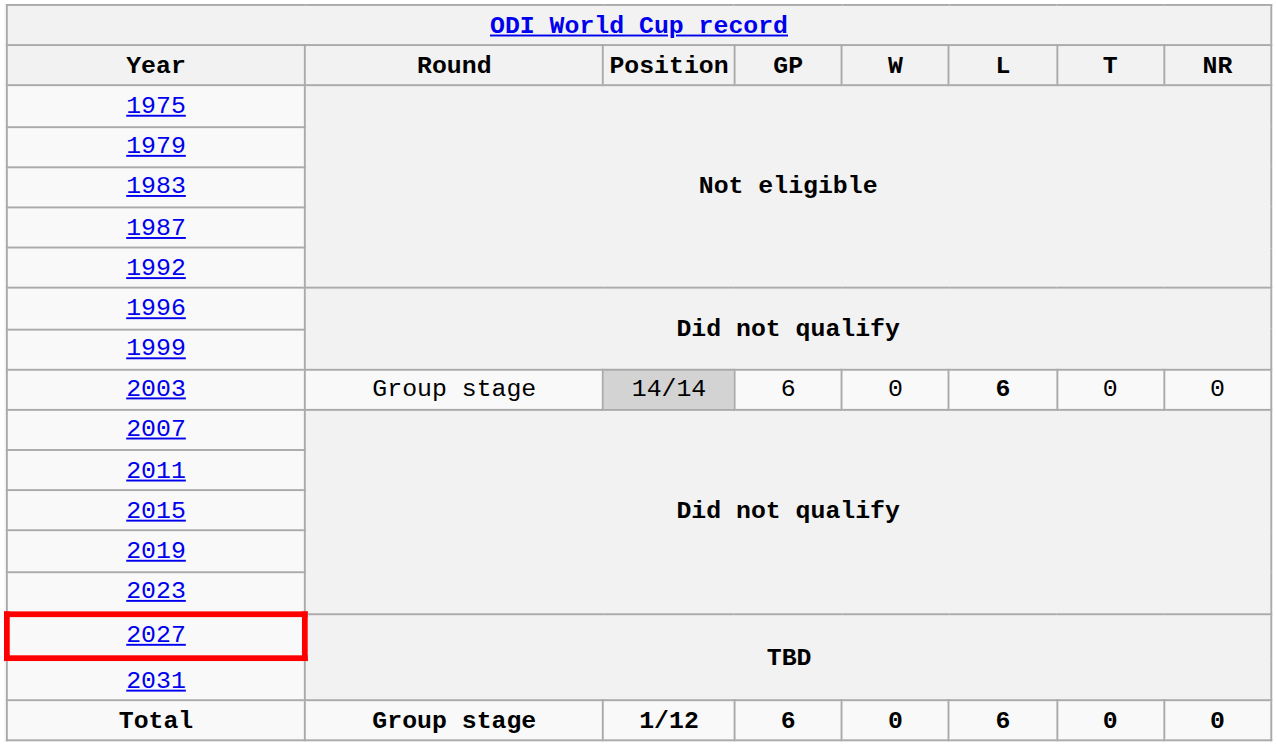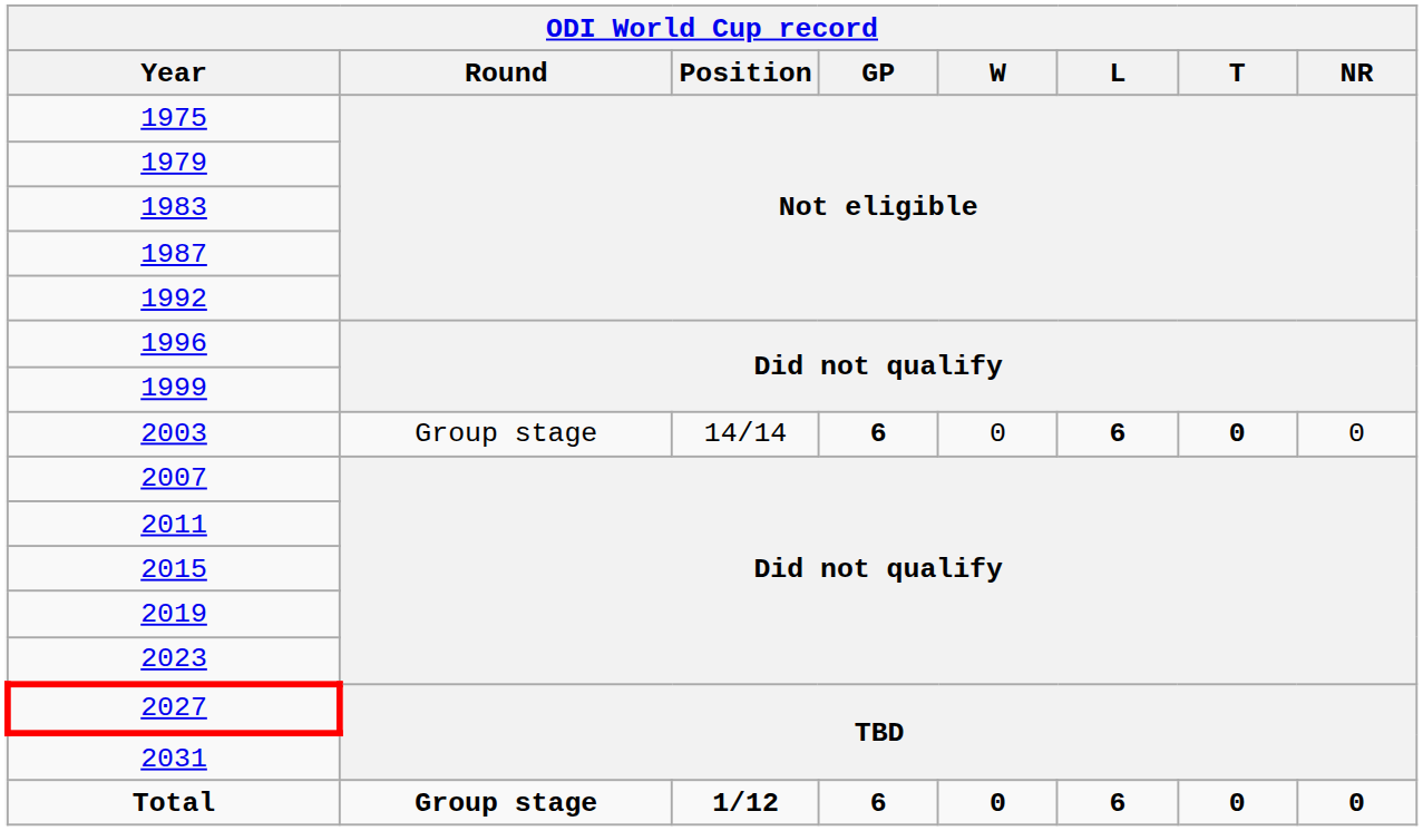 <table class="wikitable" style="text-align: center;">
 <tr>
 <th colspan=8><a href='#'>ODI World Cup record</a></th>
 </tr>
 <tr>
 <th width=150>Year</th>
 <th width=150>Round</th>
 <th width=50>Position</th>
 <th width=50>GP</th>
 <th width=50>W</th>
 <th width=50>L</th>
 <th width=50>T</th>
 <th width=50>NR</th>
 </tr>
 <tr>
 <td> <a href='#'>1975</a></td>
 <th colspan="7" rowspan="5">Not eligible</th>
 </tr>
 <tr>
 <td> <a href='#'>1979</a></td>
 </tr>
 <tr>
 <td> <a href='#'>1983</a></td>
 </tr>
 <tr>
 <td>  <a href='#'>1987</a></td>
 </tr>
 <tr>
 <td>  <a href='#'>1992</a></td>
 </tr>
 <tr>
 <td>   <a href='#'>1996</a></td>
 <th colspan="7" rowspan="2">Did not qualify</th>
 </tr>
 <tr>
 <td> <a href='#'>1999</a></td>
 </tr>
 <tr>
 <td> <a href='#'>2003</a></td>
 <td>Group stage</td>
-<td style="background: lightgrey;">14/14</td>
-<td>6</td>
+<td>14/14</td>
+<td><strong>6</strong></td>
 <td>0</td>
 <td><strong>6</strong></td>
-<td>0</td>
+<td><strong>0</strong></td>
 <td>0</td>
 </tr>
 <tr>
 <td> <a href='#'>2007</a></td>
 <th colspan="7" rowspan="5">Did not qualify</th>
 </tr>
 <tr>
 <td>   <a href='#'>2011</a></td>
 </tr>
 <tr>
 <td>  <a href='#'>2015</a></td>
 </tr>
 <tr>
 <td>  <a href='#'>2019</a></td>
 </tr>
 <tr>
 <td> <a href='#'>2023</a></td>
 </tr>
 <tr>
 <td style="border: 3px solid red">    <a href='#'>2027</a></td>
 <th colspan="7" rowspan="2">TBD</th>
 </tr>
 <tr>
 <td>     <a href='#'>2031</a></td>
 </tr>
 <tr>
 <td><strong>Total</strong></td>
 <td><strong>Group stage</strong></td>
 <td><strong>1/12</strong></td>
 <td><strong>6</strong></td>
 <td><strong>0</strong></td>
 <td><strong>6</strong></td>
 <td><strong>0</strong></td>
 <td><strong>0</strong></td>
 </tr>
 </table>
